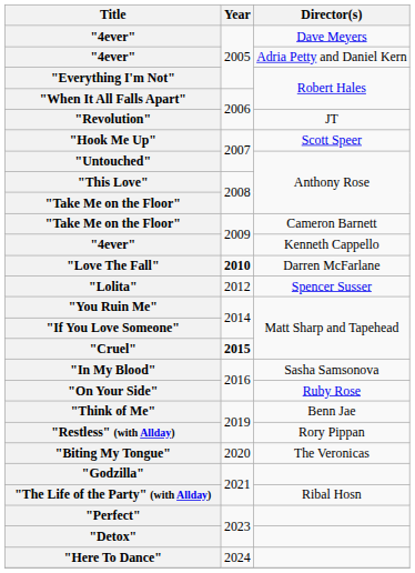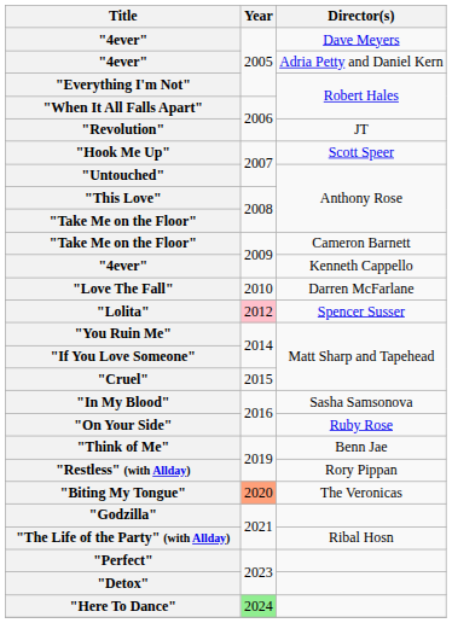 <table class="wikitable plainrowheaders" style="text-align:center">
 <tr>
 <th scope="col" style="width:16em;">Title</th>
 <th scope="col">Year</th>
 <th scope="col">Director(s)</th>
 </tr>
 <tr>
 <th scope="row">"4ever" </th>
 <td rowspan="3">2005</td>
 <td><a href='#'>Dave Meyers</a></td>
 </tr>
 <tr>
 <th scope="row">"4ever"</th>
 <td><a href='#'>Adria Petty</a> and Daniel Kern</td>
 </tr>
 <tr>
 <th scope="row">"Everything I'm Not"</th>
 <td rowspan="2"><a href='#'>Robert Hales</a></td>
 </tr>
 <tr>
 <th scope="row">"When It All Falls Apart"</th>
 <td rowspan="2">2006</td>
 </tr>
 <tr>
 <th scope="row">"Revolution"</th>
 <td>JT</td>
 </tr>
 <tr>
 <th scope="row">"Hook Me Up"</th>
 <td rowspan="2">2007</td>
 <td><a href='#'>Scott Speer</a></td>
 </tr>
 <tr>
 <th scope="row">"Untouched"</th>
 <td rowspan="3">Anthony Rose</td>
 </tr>
 <tr>
 <th scope="row">"This Love"</th>
 <td rowspan="2">2008</td>
 </tr>
 <tr>
 <th scope="row">"Take Me on the Floor"</th>
 </tr>
 <tr>
 <th scope="row">"Take Me on the Floor" </th>
 <td rowspan="2">2009</td>
 <td>Cameron Barnett</td>
 </tr>
 <tr>
 <th scope="row">"4ever" </th>
 <td>Kenneth Cappello</td>
 </tr>
 <tr>
 <th scope="row">"Love The Fall"<br></th>
-<td><strong>2010</strong></td>
+<td>2010</td>
 <td>Darren McFarlane</td>
 </tr>
 <tr>
 <th scope="row">"Lolita"</th>
-<td>2012</td>
+<td style="background: pink;">2012</td>
 <td><a href='#'>Spencer Susser</a></td>
 </tr>
 <tr>
 <th scope="row">"You Ruin Me"</th>
 <td rowspan="2">2014</td>
 <td rowspan="3">Matt Sharp and Tapehead</td>
 </tr>
 <tr>
 <th scope="row">"If You Love Someone"</th>
 </tr>
 <tr>
 <th scope="row">"Cruel"</th>
-<td><strong>2015</strong></td>
+<td>2015</td>
 </tr>
 <tr>
 <th scope="row">"In My Blood"</th>
 <td rowspan="2">2016</td>
 <td>Sasha Samsonova</td>
 </tr>
 <tr>
 <th scope="row">"On Your Side"</th>
 <td><a href='#'>Ruby Rose</a></td>
 </tr>
 <tr>
 <th scope="row">"Think of Me"</th>
 <td rowspan="2">2019</td>
 <td>Benn Jae</td>
 </tr>
 <tr>
 <th scope="row">"Restless" <small>(with <a href='#'>Allday</a>)</small></th>
 <td>Rory Pippan</td>
 </tr>
 <tr>
 <th scope="row">"Biting My Tongue"</th>
-<td>2020</td>
+<td style="background: lightsalmon;">2020</td>
 <td>The Veronicas</td>
 </tr>
 <tr>
 <th scope="row">"Godzilla"</th>
 <td rowspan="2">2021</td>
 <td></td>
 </tr>
 <tr>
 <th scope="row">"The Life of the Party" <small>(with <a href='#'>Allday</a>)</small></th>
 <td>Ribal Hosn</td>
 </tr>
 <tr>
 <th scope="row">"Perfect"</th>
 <td rowspan="2">2023</td>
 <td></td>
 </tr>
 <tr>
 <th scope="row">"Detox"</th>
 <td></td>
 </tr>
 <tr>
 <th scope="row">"Here To Dance"</th>
-<td>2024</td>
+<td style="background: lightgreen;">2024</td>
 <td></td>
 </tr>
 <tr>
 </tr>
 </table>
